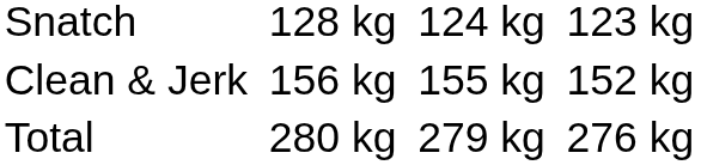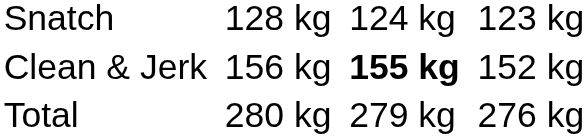 <table>
 <tr>
 <td>Snatch</td>
 <td></td>
 <td>128 kg</td>
 <td></td>
 <td>124 kg</td>
 <td></td>
 <td>123 kg</td>
 </tr>
 <tr>
 <td>Clean & Jerk</td>
 <td></td>
 <td>156 kg</td>
 <td></td>
-<td>155 kg</td>
+<td><strong>155 kg</strong></td>
 <td></td>
 <td>152 kg</td>
 </tr>
 <tr>
 <td>Total</td>
 <td></td>
 <td>280 kg</td>
 <td></td>
 <td>279 kg</td>
 <td></td>
 <td>276 kg</td>
 </tr>
 </table>
